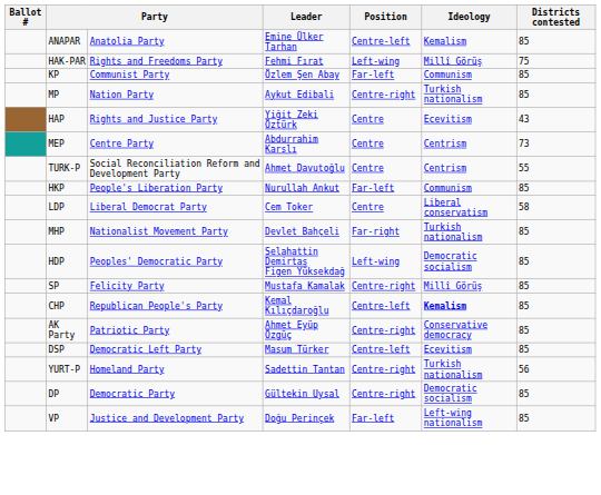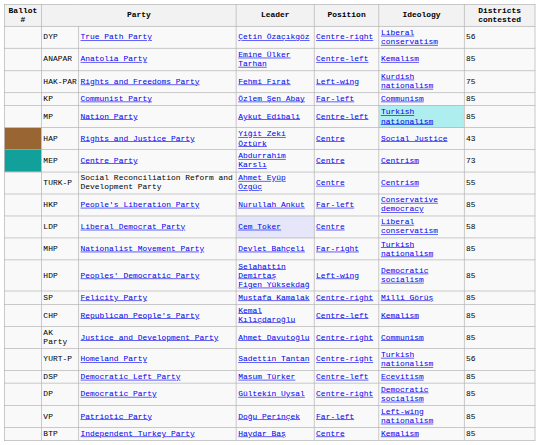 <table class="wikitable">
 <tr>
 <th>Ballot #</th>
 <th colspan="2">Party</th>
 <th>Leader</th>
 <th style="width:100px;">Position</th>
 <th>Ideology</th>
 <th>Districts contested</th>
+</tr>
+<tr>
+<td style="background:"></td>
+<td>DYP</td>
+<td><a href='#'>True Path Party</a></td>
+<td><a href='#'>Çetin Özaçıkgöz</a></td>
+<td><a href='#'>Centre-right</a></td>
+<td><a href='#'>Liberal conservatism</a></td>
+<td>56</td>
 </tr>
 <tr>
 <td style="background: "></td>
 <td>ANAPAR</td>
 <td><a href='#'>Anatolia Party</a></td>
 <td><a href='#'>Emine Ülker Tarhan</a></td>
 <td><a href='#'>Centre-left</a></td>
 <td><a href='#'>Kemalism</a></td>
 <td>85</td>
 </tr>
 <tr>
 <td style="background: "></td>
 <td>HAK-PAR</td>
 <td><a href='#'>Rights and Freedoms Party</a></td>
 <td><a href='#'>Fehmi Fırat</a></td>
 <td><a href='#'>Left-wing</a></td>
-<td><a href='#'>Millî Görüş</a></td>
+<td><a href='#'>Kurdish nationalism</a></td>
 <td>75</td>
 </tr>
 <tr>
 <td style="background: "></td>
 <td>KP</td>
 <td><a href='#'>Communist Party</a></td>
 <td><a href='#'>Özlem Şen Abay</a></td>
 <td><a href='#'>Far-left</a></td>
 <td><a href='#'>Communism</a></td>
 <td>85</td>
 </tr>
 <tr>
 <td style="background: "></td>
 <td>MP</td>
 <td><a href='#'>Nation Party</a></td>
 <td><a href='#'>Aykut Edibali</a></td>
-<td><a href='#'>Centre-right</a></td>
-<td><a href='#'>Turkish nationalism</a></td>
+<td><a href='#'>Centre-left</a></td>
+<td style="background: paleturquoise;"><a href='#'>Turkish nationalism</a></td>
 <td>85</td>
 </tr>
 <tr>
 <td style="background:#996633;"></td>
 <td>HAP</td>
 <td><a href='#'>Rights and Justice Party</a></td>
 <td><a href='#'>Yiğit Zeki Öztürk</a></td>
 <td><a href='#'>Centre</a></td>
-<td><a href='#'>Ecevitism</a></td>
+<td><a href='#'>Social Justice</a></td>
 <td>43</td>
 </tr>
 <tr>
 <td style="background:#12A19A"></td>
 <td>MEP</td>
 <td><a href='#'>Centre Party</a></td>
 <td><a href='#'>Abdurrahim Karslı</a></td>
 <td><a href='#'>Centre</a></td>
 <td><a href='#'>Centrism</a></td>
 <td>73</td>
 </tr>
 <tr>
 <td style="background: "></td>
 <td>TURK-P</td>
 <td>Social Reconciliation Reform and Development Party</td>
-<td><a href='#'>Ahmet Davutoğlu</a></td>
+<td><a href='#'>Ahmet Eyüp Özgüç</a></td>
 <td><a href='#'>Centre</a></td>
 <td><a href='#'>Centrism</a></td>
 <td>55</td>
 </tr>
 <tr>
 <td style="background: "></td>
 <td>HKP</td>
 <td><a href='#'>People's Liberation Party</a></td>
 <td><a href='#'>Nurullah Ankut</a></td>
 <td><a href='#'>Far-left</a></td>
-<td><a href='#'>Communism</a></td>
+<td><a href='#'>Conservative democracy</a></td>
 <td>85</td>
 </tr>
 <tr>
 <td style="background:"></td>
 <td>LDP</td>
 <td><a href='#'>Liberal Democrat Party</a></td>
-<td><a href='#'>Cem Toker</a></td>
+<td style="background: lavender;"><a href='#'>Cem Toker</a></td>
 <td><a href='#'>Centre</a></td>
 <td><a href='#'>Liberal conservatism</a></td>
 <td>58</td>
 </tr>
 <tr>
 <td style="background: "></td>
 <td>MHP</td>
 <td><a href='#'>Nationalist Movement Party</a></td>
 <td><a href='#'>Devlet Bahçeli</a></td>
 <td><a href='#'>Far-right</a></td>
 <td><a href='#'>Turkish nationalism</a></td>
 <td>85</td>
 </tr>
 <tr>
 <td style="background: "></td>
 <td>HDP</td>
 <td><a href='#'>Peoples' Democratic Party</a></td>
 <td><a href='#'>Selahattin Demirtaş</a><br><a href='#'>Figen Yüksekdağ</a></td>
 <td><a href='#'>Left-wing</a></td>
 <td><a href='#'>Democratic socialism</a></td>
 <td>85</td>
 </tr>
 <tr>
 <td style="background: "></td>
 <td>SP</td>
 <td><a href='#'>Felicity Party</a> </td>
 <td><a href='#'>Mustafa Kamalak</a></td>
 <td><a href='#'>Centre-right</a></td>
 <td><a href='#'>Millî Görüş</a></td>
 <td>85</td>
 </tr>
 <tr>
 <td style="background: "></td>
 <td>CHP</td>
 <td><a href='#'>Republican People's Party</a></td>
 <td><a href='#'>Kemal Kılıçdaroğlu</a></td>
 <td><a href='#'>Centre-left</a></td>
-<td><strong><a href='#'>Kemalism</a></strong></td>
+<td><a href='#'>Kemalism</a></td>
 <td>85</td>
 </tr>
 <tr>
 <td style="background: "></td>
 <td>AK Party</td>
-<td><a href='#'>Patriotic Party</a></td>
-<td><a href='#'>Ahmet Eyüp Özgüç</a></td>
+<td><a href='#'>Justice and Development Party</a></td>
+<td><a href='#'>Ahmet Davutoğlu</a></td>
 <td><a href='#'>Centre-right</a></td>
-<td><a href='#'>Conservative democracy</a></td>
-<td>85</td>
-</tr>
-<tr>
-<td style="background: "></td>
-<td>DSP</td>
-<td><a href='#'>Democratic Left Party</a></td>
-<td><a href='#'>Masum Türker</a></td>
-<td><a href='#'>Centre-left</a></td>
-<td><a href='#'>Ecevitism</a></td>
+<td><a href='#'>Communism</a></td>
 <td>85</td>
 </tr>
 <tr>
 <td style="background: "></td>
 <td>YURT-P</td>
 <td><a href='#'>Homeland Party</a></td>
 <td><a href='#'>Sadettin Tantan</a></td>
 <td><a href='#'>Centre-right</a></td>
 <td><a href='#'>Turkish nationalism</a></td>
 <td>56</td>
 </tr>
 <tr>
 <td style="background: "></td>
+<td>DSP</td>
+<td><a href='#'>Democratic Left Party</a></td>
+<td><a href='#'>Masum Türker</a></td>
+<td><a href='#'>Centre-left</a></td>
+<td><a href='#'>Ecevitism</a></td>
+<td>85</td>
+</tr>
+<tr>
+<td style="background: "></td>
 <td>DP</td>
 <td><a href='#'>Democratic Party</a></td>
 <td><a href='#'>Gültekin Uysal</a></td>
 <td><a href='#'>Centre-right</a></td>
 <td><a href='#'>Democratic socialism</a></td>
 <td>85</td>
 </tr>
 <tr>
 <td style="background: "></td>
 <td>VP</td>
-<td><a href='#'>Justice and Development Party</a></td>
+<td><a href='#'>Patriotic Party</a></td>
 <td><a href='#'>Doğu Perinçek</a></td>
 <td><a href='#'>Far-left</a></td>
 <td><a href='#'>Left-wing nationalism</a></td>
 <td>85</td>
 </tr>
+<tr>
+<td style="background: "></td>
+<td>BTP</td>
+<td><a href='#'>Independent Turkey Party</a></td>
+<td><a href='#'>Haydar Baş</a></td>
+<td><a href='#'>Centre</a></td>
+<td><a href='#'>Kemalism</a></td>
+<td>85</td>
+</tr>
 </table>
